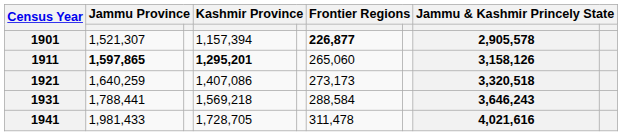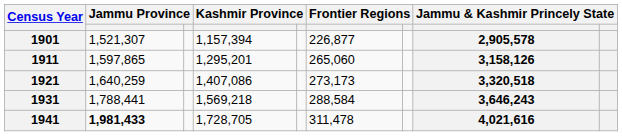 <table class="wikitable sortable">
 <tr>
 <th rowspan="2"><a href='#'>Census Year</a></th>
 <th colspan="2">Jammu Province</th>
 <th colspan="2">Kashmir Province</th>
 <th colspan="2">Frontier Regions</th>
 <th colspan="2">Jammu & Kashmir Princely State</th>
 </tr>
 <tr>
 <th><a href='#'></a></th>
 <th></th>
 <th></th>
 <th></th>
 <th></th>
 <th></th>
 <th></th>
 <th></th>
 </tr>
 <tr>
 <th>1901</th>
 <td>1,521,307</td>
 <td></td>
 <td>1,157,394</td>
 <td></td>
-<td><strong>226,877</strong></td>
+<td>226,877</td>
 <td></td>
 <th>2,905,578</th>
 <th></th>
 </tr>
 <tr>
 <th>1911</th>
-<td><strong>1,597,865</strong></td>
+<td>1,597,865</td>
 <td></td>
-<td><strong>1,295,201</strong></td>
+<td>1,295,201</td>
 <td></td>
 <td>265,060</td>
 <td></td>
 <th>3,158,126</th>
 <th></th>
 </tr>
 <tr>
 <th>1921</th>
 <td>1,640,259</td>
 <td></td>
 <td>1,407,086</td>
 <td></td>
 <td>273,173</td>
 <td></td>
 <th>3,320,518</th>
 <th></th>
 </tr>
 <tr>
 <th>1931</th>
 <td>1,788,441</td>
 <td></td>
 <td>1,569,218</td>
 <td></td>
 <td>288,584</td>
 <td></td>
 <th>3,646,243</th>
 <th></th>
 </tr>
 <tr>
 <th>1941</th>
-<td>1,981,433</td>
+<td><strong>1,981,433</strong></td>
 <td></td>
 <td>1,728,705</td>
 <td></td>
 <td>311,478</td>
 <td></td>
 <th>4,021,616</th>
 <th></th>
 </tr>
 </table>
